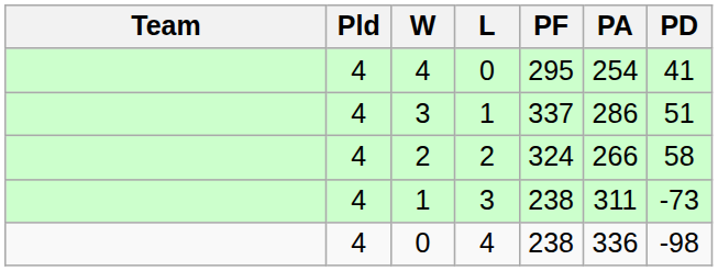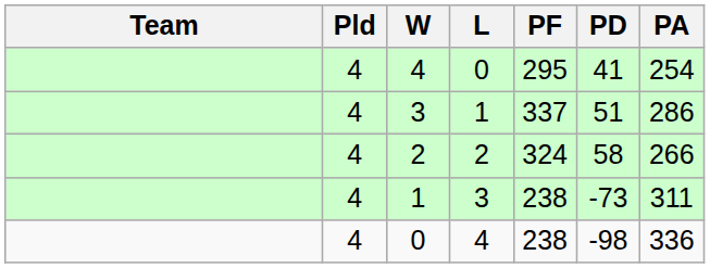 <table class="wikitable" style="text-align:center;">
 <tr>
 <th width=180>Team</th>
 <th width=30>Pld</th>
 <th width=30>W</th>
 <th width=30>L</th>
 <th width=30>PF</th>
+<th width=30>PD</th>
 <th width=30>PA</th>
-<th width=30>PD</th>
 </tr>
 <tr style="background:#cfc;">
 <td align=left></td>
 <td>4</td>
 <td>4</td>
 <td>0</td>
 <td>295</td>
+<td>41</td>
 <td>254</td>
-<td>41</td>
 </tr>
 <tr style="background:#cfc;">
 <td align=left></td>
 <td>4</td>
 <td>3</td>
 <td>1</td>
 <td>337</td>
+<td>51</td>
 <td>286</td>
-<td>51</td>
 </tr>
 <tr style="background:#cfc;">
 <td align=left></td>
 <td>4</td>
 <td>2</td>
 <td>2</td>
 <td>324</td>
+<td>58</td>
 <td>266</td>
-<td>58</td>
 </tr>
 <tr style="background:#cfc;">
 <td align=left></td>
 <td>4</td>
 <td>1</td>
 <td>3</td>
 <td>238</td>
+<td>-73</td>
 <td>311</td>
-<td>-73</td>
 </tr>
 <tr>
 <td align=left></td>
 <td>4</td>
 <td>0</td>
 <td>4</td>
 <td>238</td>
+<td>-98</td>
 <td>336</td>
-<td>-98</td>
 </tr>
 </table>
